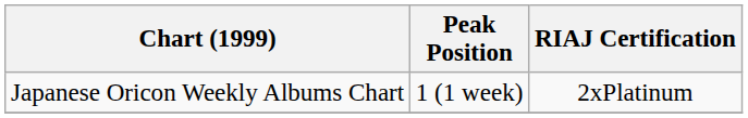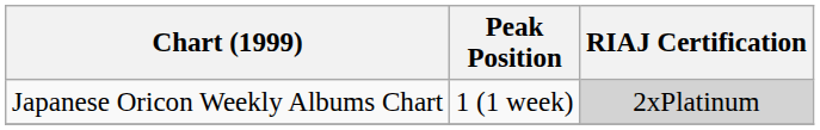 <table class="wikitable">
 <tr>
 <th align="left">Chart (1999)</th>
 <th align="center">Peak<br>Position</th>
 <th align="center">RIAJ Certification</th>
 </tr>
 <tr>
 <td align="left">Japanese Oricon Weekly Albums Chart</td>
 <td align="center">1 (1 week)</td>
-<td align="center">2xPlatinum</td>
+<td align="center" style="background: lightgrey;">2xPlatinum</td>
 </tr>
 <tr>
 </tr>
 </table>
